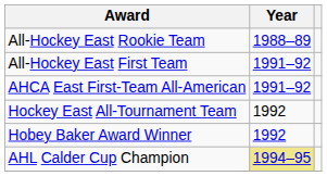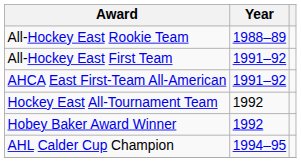 <table class="wikitable">
 <tr>
 <th>Award</th>
 <th>Year</th>
 <th></th>
 </tr>
 <tr>
 <td>All-<a href='#'>Hockey East</a> <a href='#'>Rookie Team</a></td>
 <td><a href='#'>1988–89</a></td>
 <td></td>
 </tr>
 <tr>
 <td>All-<a href='#'>Hockey East</a> <a href='#'>First Team</a></td>
 <td><a href='#'>1991–92</a></td>
 <td></td>
 </tr>
 <tr>
 <td><a href='#'>AHCA</a> <a href='#'>East First-Team All-American</a></td>
 <td><a href='#'>1991–92</a></td>
 <td></td>
 </tr>
 <tr>
 <td><a href='#'>Hockey East</a> <a href='#'>All-Tournament Team</a></td>
 <td>1992</td>
 <td></td>
 </tr>
 <tr>
 <td><a href='#'>Hobey Baker Award Winner</a></td>
 <td><a href='#'>1992</a></td>
 <td></td>
 </tr>
 <tr>
 <td><a href='#'>AHL</a> <a href='#'>Calder Cup</a> Champion</td>
-<td style="background: khaki;"><a href='#'>1994–95</a></td>
+<td><a href='#'>1994–95</a></td>
 <td></td>
 </tr>
 <tr>
 </tr>
 </table>
